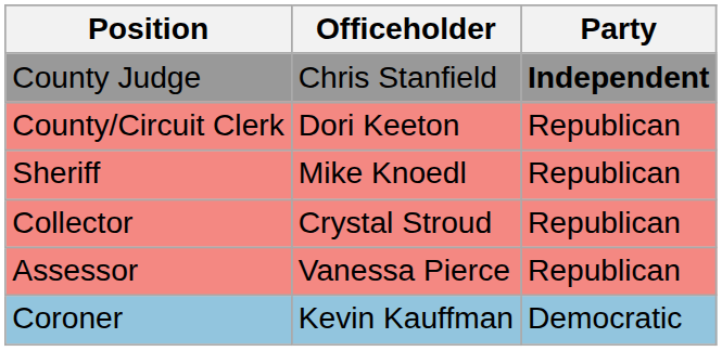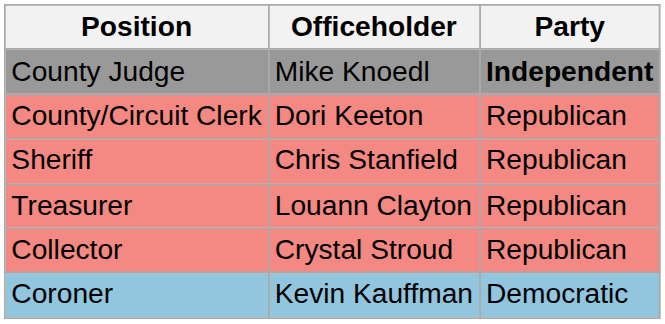 <table class="wikitable">
 <tr>
 <th>Position</th>
 <th>Officeholder</th>
 <th>Party</th>
 </tr>
 <tr style="background-color:#999999;">
 <td>County Judge</td>
-<td>Chris Stanfield</td>
+<td>Mike Knoedl</td>
 <td><strong>Independent</strong></td>
 </tr>
 <tr style="background-color:#F48882;">
 <td>County/Circuit Clerk</td>
 <td>Dori Keeton</td>
 <td>Republican</td>
 </tr>
 <tr style="background-color:#F48882;">
 <td>Sheriff</td>
-<td>Mike Knoedl</td>
+<td>Chris Stanfield</td>
+<td>Republican</td>
+</tr>
+<tr style="background-color:#F48882;">
+<td>Treasurer</td>
+<td>Louann Clayton</td>
 <td>Republican</td>
 </tr>
 <tr style="background-color:#F48882;">
 <td>Collector</td>
 <td>Crystal Stroud</td>
-<td>Republican</td>
-</tr>
-<tr style="background-color:#F48882;">
-<td>Assessor</td>
-<td>Vanessa Pierce</td>
 <td>Republican</td>
 </tr>
 <tr style="background-color:#92C5DE;">
 <td>Coroner</td>
 <td>Kevin Kauffman</td>
 <td>Democratic</td>
 </tr>
 </table>
